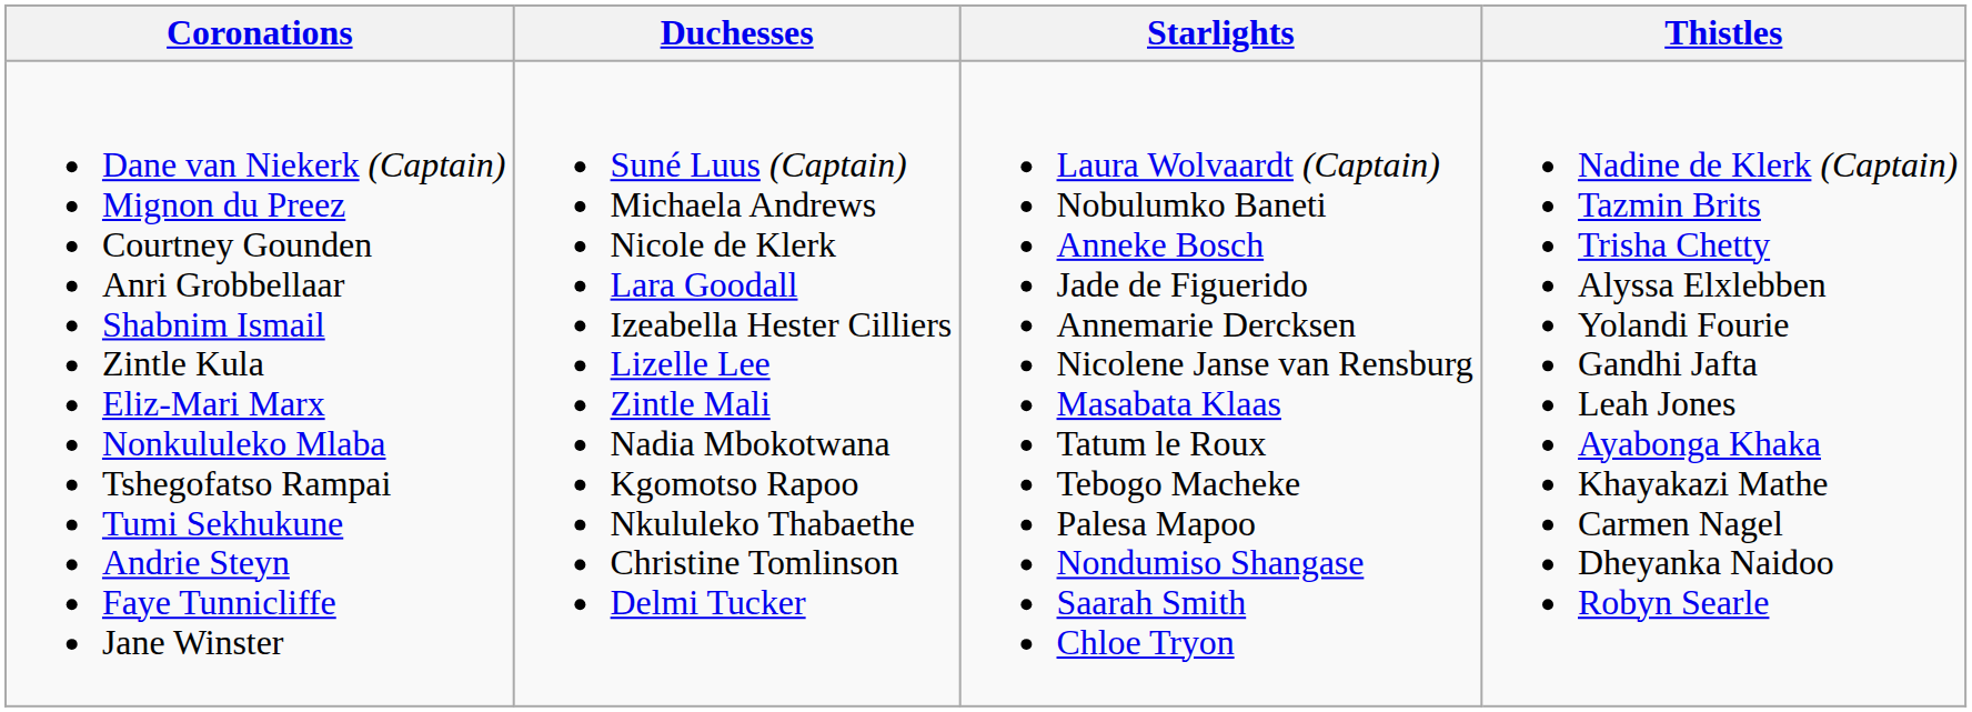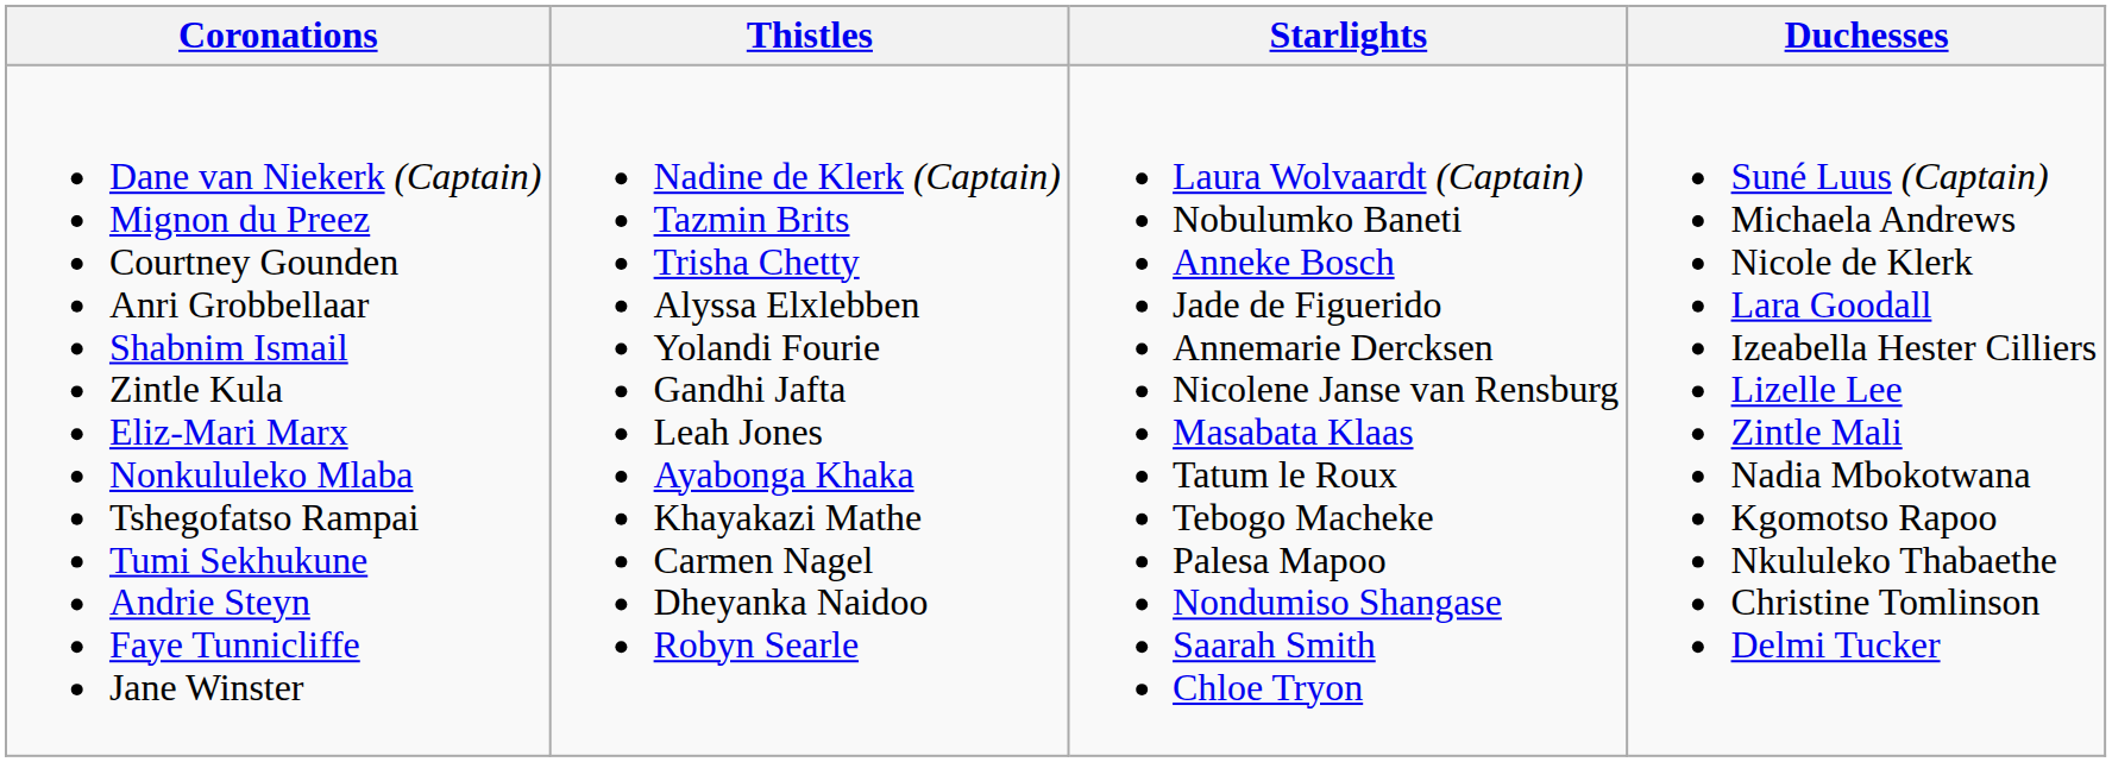 <table class="wikitable">
 <tr>
 <th><a href='#'>Coronations</a><br><small></small></th>
+<th><a href='#'>Thistles</a><br><small></small></th>
+<th><a href='#'>Starlights</a><br><small></small></th>
 <th><a href='#'>Duchesses</a><br><small></small></th>
-<th><a href='#'>Starlights</a><br><small></small></th>
-<th><a href='#'>Thistles</a><br><small></small></th>
 </tr>
 <tr>
 <td valign=top><br><ul><li><a href='#'>Dane van Niekerk</a> <em>(Captain)</em></li><li><a href='#'>Mignon du Preez</a></li><li>Courtney Gounden</li><li>Anri Grobbellaar</li><li><a href='#'>Shabnim Ismail</a></li><li>Zintle Kula</li><li><a href='#'>Eliz-Mari Marx</a></li><li><a href='#'>Nonkululeko Mlaba</a></li><li>Tshegofatso Rampai</li><li><a href='#'>Tumi Sekhukune</a></li><li><a href='#'>Andrie Steyn</a></li><li><a href='#'>Faye Tunnicliffe</a></li><li>Jane Winster</li></ul></td>
+<td valign=top><br><ul><li><a href='#'>Nadine de Klerk</a> <em>(Captain)</em></li><li><a href='#'>Tazmin Brits</a></li><li><a href='#'>Trisha Chetty</a></li><li>Alyssa Elxlebben</li><li>Yolandi Fourie</li><li>Gandhi Jafta</li><li>Leah Jones</li><li><a href='#'>Ayabonga Khaka</a></li><li>Khayakazi Mathe</li><li>Carmen Nagel</li><li>Dheyanka Naidoo</li><li><a href='#'>Robyn Searle</a></li></ul></td>
+<td valign=top><br><ul><li><a href='#'>Laura Wolvaardt</a> <em>(Captain)</em></li><li>Nobulumko Baneti</li><li><a href='#'>Anneke Bosch</a></li><li>Jade de Figuerido</li><li>Annemarie Dercksen</li><li>Nicolene Janse van Rensburg</li><li><a href='#'>Masabata Klaas</a></li><li>Tatum le Roux</li><li>Tebogo Macheke</li><li>Palesa Mapoo</li><li><a href='#'>Nondumiso Shangase</a></li><li><a href='#'>Saarah Smith</a></li><li><a href='#'>Chloe Tryon</a></li></ul></td>
 <td valign=top><br><ul><li><a href='#'>Suné Luus</a> <em>(Captain)</em></li><li>Michaela Andrews</li><li>Nicole de Klerk</li><li><a href='#'>Lara Goodall</a></li><li>Izeabella Hester Cilliers</li><li><a href='#'>Lizelle Lee</a></li><li><a href='#'>Zintle Mali</a></li><li>Nadia Mbokotwana</li><li>Kgomotso Rapoo</li><li>Nkululeko Thabaethe</li><li>Christine Tomlinson</li><li><a href='#'>Delmi Tucker</a></li></ul></td>
-<td valign=top><br><ul><li><a href='#'>Laura Wolvaardt</a> <em>(Captain)</em></li><li>Nobulumko Baneti</li><li><a href='#'>Anneke Bosch</a></li><li>Jade de Figuerido</li><li>Annemarie Dercksen</li><li>Nicolene Janse van Rensburg</li><li><a href='#'>Masabata Klaas</a></li><li>Tatum le Roux</li><li>Tebogo Macheke</li><li>Palesa Mapoo</li><li><a href='#'>Nondumiso Shangase</a></li><li><a href='#'>Saarah Smith</a></li><li><a href='#'>Chloe Tryon</a></li></ul></td>
-<td valign=top><br><ul><li><a href='#'>Nadine de Klerk</a> <em>(Captain)</em></li><li><a href='#'>Tazmin Brits</a></li><li><a href='#'>Trisha Chetty</a></li><li>Alyssa Elxlebben</li><li>Yolandi Fourie</li><li>Gandhi Jafta</li><li>Leah Jones</li><li><a href='#'>Ayabonga Khaka</a></li><li>Khayakazi Mathe</li><li>Carmen Nagel</li><li>Dheyanka Naidoo</li><li><a href='#'>Robyn Searle</a></li></ul></td>
 </tr>
 </table>
